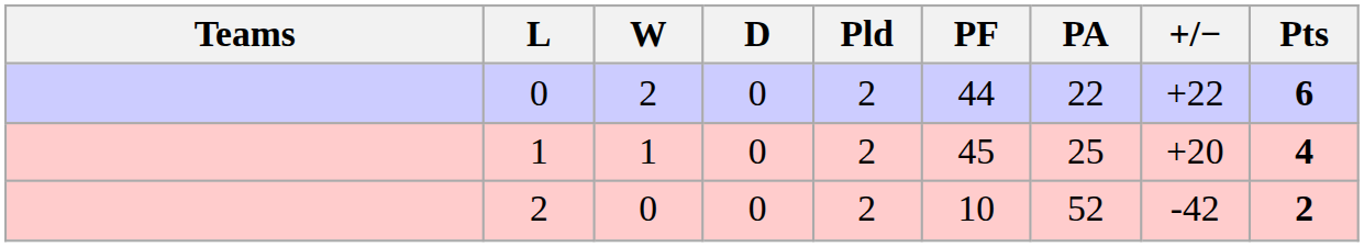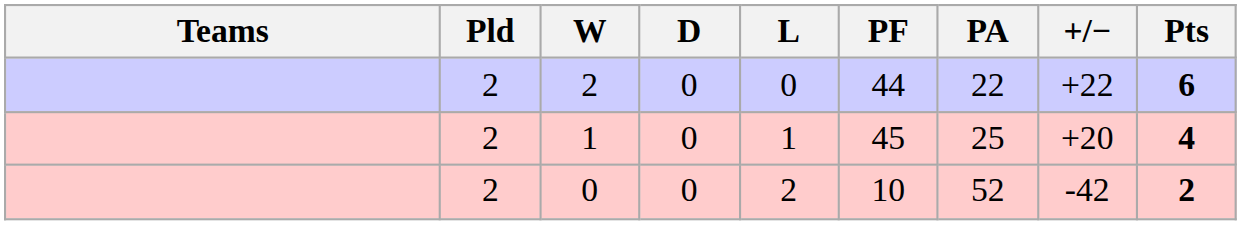 <table class="wikitable" style="text-align: center;">
 <tr>
 <th width="200">Teams</th>
-<th width="40">L</th>
+<th width="40">Pld</th>
 <th width="40">W</th>
 <th width="40">D</th>
-<th width="40">Pld</th>
+<th width="40">L</th>
 <th width="40">PF</th>
 <th width="40">PA</th>
 <th width="40">+/−</th>
 <th width="40">Pts</th>
 </tr>
 <tr bgcolor=ccccff>
 <td align=left></td>
-<td>0</td>
+<td>2</td>
 <td>2</td>
 <td>0</td>
-<td>2</td>
+<td>0</td>
 <td>44</td>
 <td>22</td>
 <td>+22</td>
 <td><strong>6</strong></td>
 </tr>
 <tr bgcolor=ffcccc>
 <td align=left></td>
-<td>1</td>
+<td>2</td>
 <td>1</td>
 <td>0</td>
-<td>2</td>
+<td>1</td>
 <td>45</td>
 <td>25</td>
 <td>+20</td>
 <td><strong>4</strong></td>
 </tr>
 <tr bgcolor=ffcccc>
 <td align=left></td>
 <td>2</td>
 <td>0</td>
 <td>0</td>
 <td>2</td>
 <td>10</td>
 <td>52</td>
 <td>-42</td>
 <td><strong>2</strong></td>
 </tr>
 </table>
